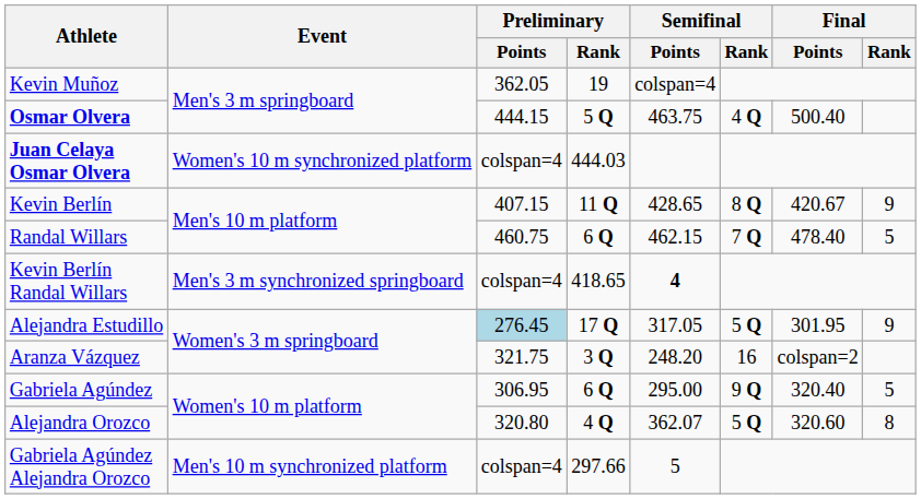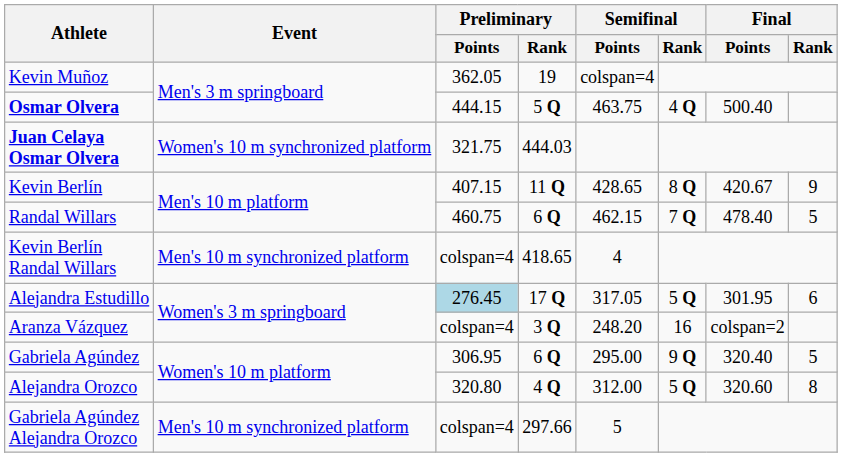 <table class=wikitable style="font-size:90%">
 <tr>
 <th rowspan="2">Athlete</th>
 <th rowspan="2">Event</th>
 <th colspan="2">Preliminary</th>
 <th colspan="2">Semifinal</th>
 <th colspan="2">Final</th>
 </tr>
 <tr style="font-size:95%">
 <th>Points</th>
 <th>Rank</th>
 <th>Points</th>
 <th>Rank</th>
 <th>Points</th>
 <th>Rank</th>
 </tr>
 <tr align=center>
 <td align=left><a href='#'>Kevin Muñoz</a></td>
 <td align=left rowspan=2><a href='#'>Men's 3 m springboard</a></td>
 <td>362.05</td>
 <td>19</td>
 <td>colspan=4</td>
 </tr>
 <tr align=center>
 <td align=left><strong><a href='#'>Osmar Olvera</a></strong></td>
 <td>444.15</td>
 <td>5 <strong>Q</strong></td>
 <td>463.75</td>
 <td>4 <strong>Q</strong></td>
 <td>500.40</td>
 <td></td>
 </tr>
 <tr align=center>
 <td align=left><strong><a href='#'>Juan Celaya</a></strong><br><strong><a href='#'>Osmar Olvera</a></strong></td>
 <td align=left><a href='#'>Women's 10 m synchronized platform</a></td>
-<td>colspan=4 </td>
+<td>321.75</td>
 <td>444.03</td>
 <td></td>
 </tr>
 <tr align=center>
 <td align=left><a href='#'>Kevin Berlín</a></td>
 <td align=left rowspan=2><a href='#'>Men's 10 m platform</a></td>
 <td>407.15</td>
 <td>11 <strong>Q</strong></td>
 <td>428.65</td>
 <td>8 <strong>Q</strong></td>
 <td>420.67</td>
 <td>9</td>
 </tr>
 <tr align=center>
 <td align=left><a href='#'>Randal Willars</a></td>
 <td>460.75</td>
 <td>6 <strong>Q</strong></td>
 <td>462.15</td>
 <td>7 <strong>Q</strong></td>
 <td>478.40</td>
 <td>5</td>
 </tr>
 <tr align=center>
 <td align=left><a href='#'>Kevin Berlín</a><br><a href='#'>Randal Willars</a></td>
-<td align=left><a href='#'>Men's 3 m synchronized springboard</a></td>
+<td align=left><a href='#'>Men's 10 m synchronized platform</a></td>
 <td>colspan=4 </td>
 <td>418.65</td>
-<td><strong>4</strong></td>
+<td>4</td>
 </tr>
 <tr align=center>
 <td align=left><a href='#'>Alejandra Estudillo</a></td>
 <td align=left rowspan=2><a href='#'>Women's 3 m springboard</a></td>
 <td style="background: lightblue;">276.45</td>
 <td>17 <strong>Q</strong></td>
 <td>317.05</td>
 <td>5 <strong>Q</strong></td>
 <td>301.95</td>
-<td>9</td>
+<td>6</td>
 </tr>
 <tr align=center>
 <td align=left><a href='#'>Aranza Vázquez</a></td>
-<td>321.75</td>
+<td>colspan=4 </td>
 <td>3 <strong>Q</strong></td>
 <td>248.20</td>
 <td>16</td>
 <td>colspan=2</td>
 </tr>
 <tr align=center>
 <td align=left><a href='#'>Gabriela Agúndez</a></td>
 <td align=left rowspan=2><a href='#'>Women's 10 m platform</a></td>
 <td>306.95</td>
 <td>6 <strong>Q</strong></td>
 <td>295.00</td>
 <td>9 <strong>Q</strong></td>
 <td>320.40</td>
 <td>5</td>
 </tr>
 <tr align=center>
 <td align=left><a href='#'>Alejandra Orozco</a></td>
 <td>320.80</td>
 <td>4 <strong>Q</strong></td>
-<td>362.07</td>
+<td>312.00</td>
 <td>5 <strong>Q</strong></td>
 <td>320.60</td>
 <td>8</td>
 </tr>
 <tr align=center>
 <td align=left><a href='#'>Gabriela Agúndez</a><br><a href='#'>Alejandra Orozco</a></td>
 <td align=left><a href='#'>Men's 10 m synchronized platform</a></td>
 <td>colspan=4 </td>
 <td>297.66</td>
 <td>5</td>
 </tr>
 </table>
